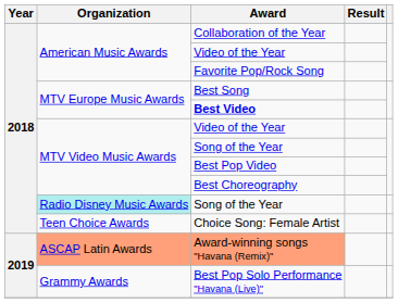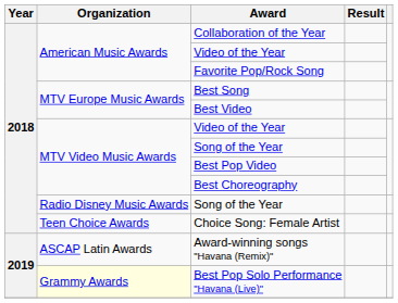 <table class="wikitable plainrowheaders">
 <tr>
 <th>Year</th>
 <th>Organization</th>
 <th>Award</th>
 <th>Result</th>
 <th></th>
 </tr>
 <tr>
 <th scope="row" rowspan="11">2018</th>
 <td rowspan="3"><a href='#'>American Music Awards</a></td>
 <td><a href='#'>Collaboration of the Year</a></td>
 <td></td>
 <td rowspan="3"></td>
 </tr>
 <tr>
 <td><a href='#'>Video of the Year</a></td>
 <td></td>
 </tr>
 <tr>
 <td><a href='#'>Favorite Pop/Rock Song</a></td>
 <td></td>
 </tr>
 <tr>
 <td rowspan="2"><a href='#'>MTV Europe Music Awards</a></td>
 <td><a href='#'>Best Song</a></td>
 <td></td>
 <td rowspan="2"></td>
 </tr>
 <tr>
-<td><strong><a href='#'>Best Video</a></strong></td>
+<td><a href='#'>Best Video</a></td>
 <td></td>
 </tr>
 <tr>
 <td rowspan="4"><a href='#'>MTV Video Music Awards</a></td>
 <td><a href='#'>Video of the Year</a></td>
 <td></td>
 <td rowspan="4"></td>
 </tr>
 <tr>
 <td><a href='#'>Song of the Year</a></td>
 <td></td>
 </tr>
 <tr>
 <td><a href='#'>Best Pop Video</a></td>
 <td></td>
 </tr>
 <tr>
 <td><a href='#'>Best Choreography</a></td>
 <td></td>
 </tr>
 <tr>
-<td style="background: paleturquoise;"><a href='#'>Radio Disney Music Awards</a></td>
+<td><a href='#'>Radio Disney Music Awards</a></td>
 <td>Song of the Year</td>
 <td></td>
 <td></td>
 </tr>
 <tr>
 <td><a href='#'>Teen Choice Awards</a></td>
 <td>Choice Song: Female Artist</td>
 <td></td>
 <td></td>
 </tr>
 <tr>
 <th scope="row" rowspan="2">2019</th>
-<td style="background: lightsalmon;"><a href='#'>ASCAP</a> Latin Awards</td>
-<td style="background: lightsalmon;">Award-winning songs<br><small>"Havana (Remix)"</small></td>
+<td><a href='#'>ASCAP</a> Latin Awards</td>
+<td>Award-winning songs<br><small>"Havana (Remix)"</small></td>
 <td></td>
 <td></td>
 </tr>
 <tr>
-<td><a href='#'>Grammy Awards</a></td>
+<td style="background: lightyellow;"><a href='#'>Grammy Awards</a></td>
 <td><a href='#'>Best Pop Solo Performance</a><br><small><a href='#'>"Havana (Live)"</a></small></td>
 <td></td>
 <td></td>
 </tr>
 <tr>
 </tr>
 </table>
